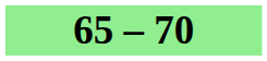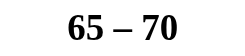 <table style="text-align:center">
 <tr>
 <th width=200></th>
 <th width=100></th>
 <th width=200></th>
 </tr>
 <tr>
 <td align=right><strong></strong></td>
-<td style="background: lightgreen;"><strong>65 – 70</strong></td>
+<td><strong>65 – 70</strong></td>
 <td align=left></td>
 </tr>
 </table>
